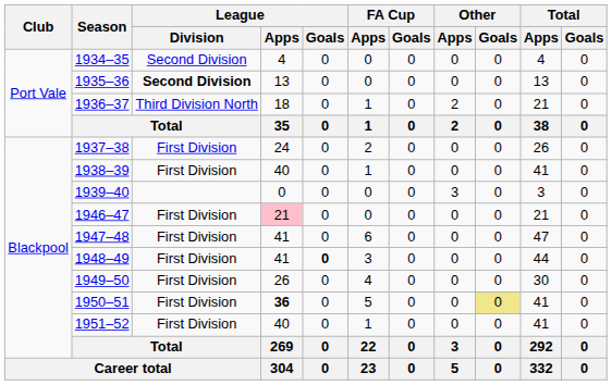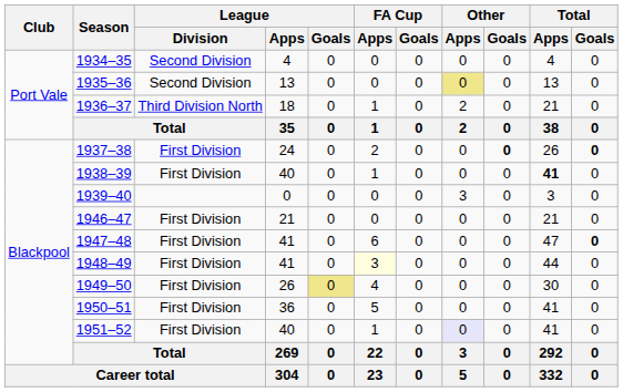 <table class="wikitable" style="text-align: center;">
 <tr>
 <th rowspan="2">Club</th>
 <th rowspan="2">Season</th>
 <th colspan="3">League</th>
 <th colspan="2">FA Cup</th>
 <th colspan="2">Other</th>
 <th colspan="2">Total</th>
 </tr>
 <tr>
 <th>Division</th>
 <th>Apps</th>
 <th>Goals</th>
 <th>Apps</th>
 <th>Goals</th>
 <th>Apps</th>
 <th>Goals</th>
 <th>Apps</th>
 <th>Goals</th>
 </tr>
 <tr>
 <td rowspan="4"><a href='#'>Port Vale</a></td>
 <td><a href='#'>1934–35</a></td>
 <td><a href='#'>Second Division</a></td>
 <td>4</td>
 <td>0</td>
 <td>0</td>
 <td>0</td>
 <td>0</td>
 <td>0</td>
 <td>4</td>
 <td>0</td>
 </tr>
 <tr>
 <td><a href='#'>1935–36</a></td>
-<td><strong>Second Division</strong></td>
+<td>Second Division</td>
 <td>13</td>
 <td>0</td>
 <td>0</td>
 <td>0</td>
-<td>0</td>
+<td style="background: khaki;">0</td>
 <td>0</td>
 <td>13</td>
 <td>0</td>
 </tr>
 <tr>
 <td><a href='#'>1936–37</a></td>
 <td><a href='#'>Third Division North</a></td>
 <td>18</td>
 <td>0</td>
 <td>1</td>
 <td>0</td>
 <td>2</td>
 <td>0</td>
 <td>21</td>
 <td>0</td>
 </tr>
 <tr>
 <th colspan="2">Total</th>
 <th>35</th>
 <th>0</th>
 <th>1</th>
 <th>0</th>
 <th>2</th>
 <th>0</th>
 <th>38</th>
 <th>0</th>
 </tr>
 <tr>
 <td rowspan="10"><a href='#'>Blackpool</a></td>
 <td><a href='#'>1937–38</a></td>
 <td><a href='#'>First Division</a></td>
 <td>24</td>
 <td>0</td>
 <td>2</td>
 <td>0</td>
 <td>0</td>
-<td>0</td>
+<td><strong>0</strong></td>
 <td>26</td>
-<td>0</td>
+<td><strong>0</strong></td>
 </tr>
 <tr>
 <td><a href='#'>1938–39</a></td>
 <td>First Division</td>
 <td>40</td>
 <td>0</td>
 <td>1</td>
 <td>0</td>
 <td>0</td>
 <td>0</td>
-<td>41</td>
+<td><strong>41</strong></td>
 <td>0</td>
 </tr>
 <tr>
 <td><a href='#'>1939–40</a></td>
 <td></td>
 <td>0</td>
 <td>0</td>
 <td>0</td>
 <td>0</td>
 <td>3</td>
 <td>0</td>
 <td>3</td>
 <td>0</td>
 </tr>
 <tr>
 <td><a href='#'>1946–47</a></td>
 <td>First Division</td>
-<td style="background: pink;">21</td>
+<td>21</td>
 <td>0</td>
 <td>0</td>
 <td>0</td>
 <td>0</td>
 <td>0</td>
 <td>21</td>
 <td>0</td>
 </tr>
 <tr>
 <td><a href='#'>1947–48</a></td>
 <td>First Division</td>
 <td>41</td>
 <td>0</td>
 <td>6</td>
 <td>0</td>
 <td>0</td>
 <td>0</td>
 <td>47</td>
-<td>0</td>
+<td><strong>0</strong></td>
 </tr>
 <tr>
 <td><a href='#'>1948–49</a></td>
 <td>First Division</td>
 <td>41</td>
-<td><strong>0</strong></td>
-<td>3</td>
+<td>0</td>
+<td style="background: lightyellow;">3</td>
 <td>0</td>
 <td>0</td>
 <td>0</td>
 <td>44</td>
 <td>0</td>
 </tr>
 <tr>
 <td><a href='#'>1949–50</a></td>
 <td>First Division</td>
 <td>26</td>
-<td>0</td>
+<td style="background: khaki;">0</td>
 <td>4</td>
 <td>0</td>
 <td>0</td>
 <td>0</td>
 <td>30</td>
 <td>0</td>
 </tr>
 <tr>
 <td><a href='#'>1950–51</a></td>
 <td>First Division</td>
-<td><strong>36</strong></td>
+<td>36</td>
 <td>0</td>
 <td>5</td>
 <td>0</td>
 <td>0</td>
-<td style="background: khaki;">0</td>
+<td>0</td>
 <td>41</td>
 <td>0</td>
 </tr>
 <tr>
 <td><a href='#'>1951–52</a></td>
 <td>First Division</td>
 <td>40</td>
 <td>0</td>
 <td>1</td>
 <td>0</td>
-<td>0</td>
+<td style="background: lavender;">0</td>
 <td>0</td>
 <td>41</td>
 <td>0</td>
 </tr>
 <tr>
 <th colspan="2">Total</th>
 <th>269</th>
 <th>0</th>
 <th>22</th>
 <th>0</th>
 <th>3</th>
 <th>0</th>
 <th>292</th>
 <th>0</th>
 </tr>
 <tr>
 <th colspan="3">Career total</th>
 <th>304</th>
 <th>0</th>
 <th>23</th>
 <th>0</th>
 <th>5</th>
 <th>0</th>
 <th>332</th>
 <th>0</th>
 </tr>
 </table>
